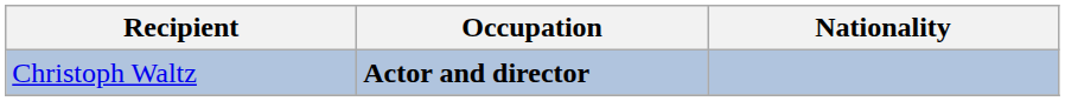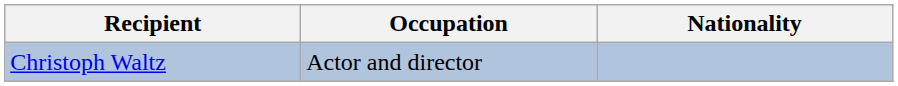 <table class="wikitable" width="95%" cellpadding="5">
 <tr>
 <th width="25%">Recipient</th>
 <th width="25%">Occupation</th>
 <th width="25%">Nationality</th>
 </tr>
 <tr style="background:#B0C4DE;">
 <td><a href='#'>Christoph Waltz</a></td>
-<td><strong>Actor and director</strong></td>
+<td>Actor and director</td>
 <td></td>
 </tr>
 <tr>
 </tr>
 </table>
